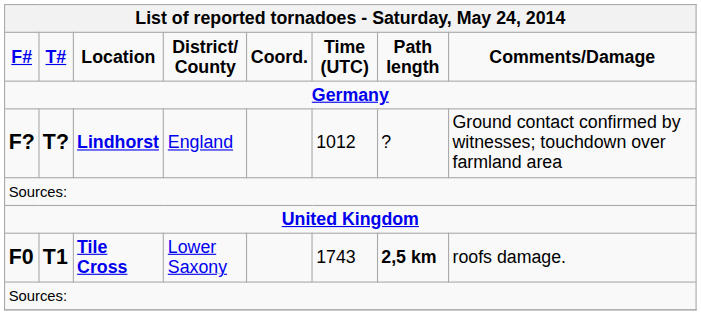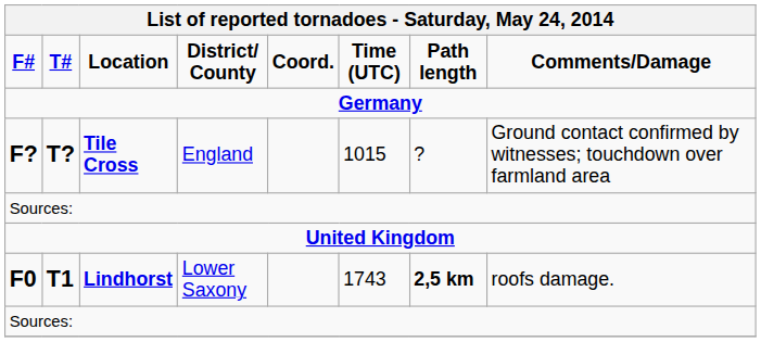 <table class="wikitable collapsible" width="100%">
 <tr>
 <th colspan="8">List of reported tornadoes - Saturday, May 24, 2014</th>
 </tr>
 <tr>
 <td style="text-align: center;"><strong><a href='#'>F#</a></strong></td>
 <td style="text-align: center;"><strong><a href='#'>T#</a></strong></td>
 <td style="text-align: center;"><strong>Location</strong></td>
 <td style="text-align: center;"><strong>District/<br>County</strong></td>
 <td style="text-align: center;"><strong>Coord.</strong></td>
 <td style="text-align: center;"><strong>Time (UTC)</strong></td>
 <td style="text-align: center;"><strong>Path length</strong></td>
 <td style="text-align: center;"><strong>Comments/Damage</strong></td>
 </tr>
 <tr>
 <td colspan="8" align=center><strong><a href='#'>Germany</a></strong></td>
 </tr>
 <tr>
 <td><big><strong>F?</strong></big></td>
 <td><big><strong>T?</strong></big></td>
-<td><strong><a href='#'>Lindhorst</a></strong></td>
+<td><strong><a href='#'>Tile Cross</a></strong></td>
 <td><a href='#'>England</a></td>
 <td></td>
-<td>1012</td>
+<td>1015</td>
 <td>?</td>
 <td>Ground contact confirmed by witnesses; touchdown over farmland area</td>
 </tr>
 <tr>
 <td colspan="8"><small>Sources:</small></td>
 </tr>
 <tr>
 <td colspan="8" align=center><strong><a href='#'>United Kingdom</a></strong></td>
 </tr>
 <tr>
 <td><big><strong>F0</strong></big></td>
 <td><big><strong>T1</strong></big></td>
-<td><strong><a href='#'>Tile Cross</a></strong></td>
+<td><strong><a href='#'>Lindhorst</a></strong></td>
 <td><a href='#'>Lower Saxony</a></td>
 <td></td>
 <td>1743</td>
 <td><strong>2,5 km</strong></td>
 <td>roofs damage.</td>
 </tr>
 <tr>
 <td colspan="8"><small>Sources:</small></td>
 </tr>
 <tr>
 </tr>
 </table>
